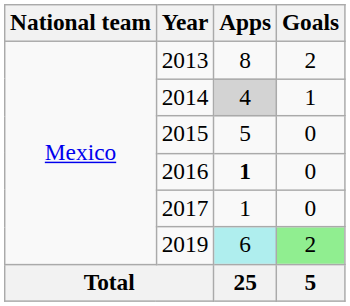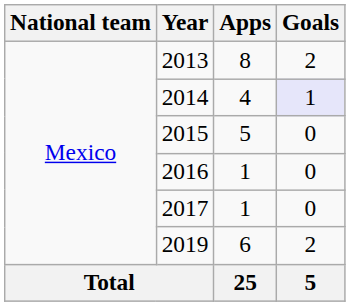 <table class="wikitable" style="text-align: center;">
 <tr>
 <th>National team</th>
 <th>Year</th>
 <th>Apps</th>
 <th>Goals</th>
 </tr>
 <tr>
 <td rowspan="6" valign="center"><a href='#'>Mexico</a></td>
 <td>2013</td>
 <td>8</td>
 <td>2</td>
 </tr>
 <tr>
 <td>2014</td>
-<td style="background: lightgrey;">4</td>
-<td>1</td>
+<td>4</td>
+<td style="background: lavender;">1</td>
 </tr>
 <tr>
 <td>2015</td>
 <td>5</td>
 <td>0</td>
 </tr>
 <tr>
 <td>2016</td>
-<td><strong>1</strong></td>
+<td>1</td>
 <td>0</td>
 </tr>
 <tr>
 <td>2017</td>
 <td>1</td>
 <td>0</td>
 </tr>
 <tr>
 <td>2019</td>
-<td style="background: paleturquoise;">6</td>
-<td style="background: lightgreen;">2</td>
+<td>6</td>
+<td>2</td>
 </tr>
 <tr>
 <th colspan="2">Total</th>
 <th>25</th>
 <th>5</th>
 </tr>
 </table>
